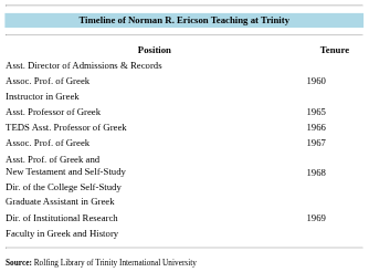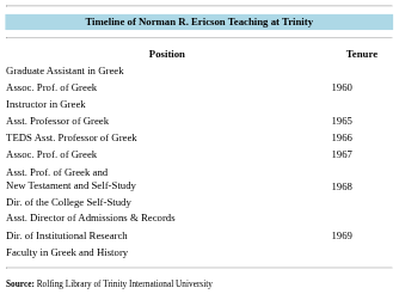 <table class="toccolours" style="width: 20em; float:right; margin-left:1em; font-size:83%; line-height:1.3em; width:25%;">
 <tr>
 <td colspan="2"><hr></td>
 </tr>
 <tr>
 <th colspan="2" style="text-align:center; background:lightblue;">Timeline of Norman R. Ericson Teaching at Trinity</th>
 </tr>
 <tr>
 <td colspan="2"><hr></td>
 </tr>
 <tr>
 <th scope="col">Position</th>
 <th>Tenure</th>
 </tr>
 <tr>
-<td>Asst. Director of Admissions & Records</td>
+<td>Graduate Assistant in Greek</td>
 <td></td>
 </tr>
 <tr>
 <td>Assoc. Prof. of Greek</td>
 <td>1960</td>
 </tr>
 <tr>
 <td>Instructor in Greek</td>
 <td></td>
 </tr>
 <tr>
 <td>Asst. Professor of Greek</td>
 <td>1965</td>
 </tr>
 <tr>
 <td>TEDS Asst. Professor of Greek</td>
 <td>1966</td>
 </tr>
 <tr>
 <td>Assoc. Prof. of Greek</td>
 <td>1967</td>
 </tr>
 <tr>
 <td>Asst. Prof. of Greek and<br>New Testament and Self-Study</td>
 <td rowspan="2">1968</td>
 </tr>
 <tr>
 <td>Dir. of the College Self-Study</td>
 </tr>
 <tr>
-<td>Graduate Assistant in Greek</td>
+<td>Asst. Director of Admissions & Records</td>
 <td rowspan="3">1969</td>
 </tr>
 <tr>
 <td>Dir. of Institutional Research</td>
 </tr>
 <tr>
 <td>Faculty in Greek and History</td>
 </tr>
 <tr>
 <td colspan="2"><hr></td>
 </tr>
 <tr>
 <td colspan="2"><small><strong>Source:</strong> Rolfing Library of Trinity International University</small></td>
 </tr>
 <tr>
 </tr>
 </table>
